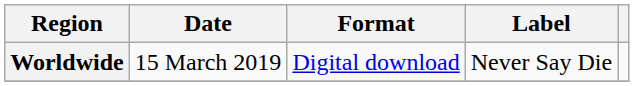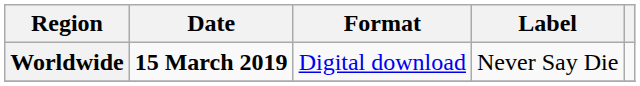 <table class="wikitable plainrowheaders">
 <tr>
 <th>Region</th>
 <th>Date</th>
 <th>Format</th>
 <th>Label</th>
 <th></th>
 </tr>
 <tr>
 <th scope="row" rowspan="1">Worldwide</th>
-<td>15 March 2019</td>
+<td><strong>15 March 2019</strong></td>
 <td><a href='#'>Digital download</a></td>
 <td>Never Say Die</td>
 <td></td>
 </tr>
 <tr>
 </tr>
 </table>
